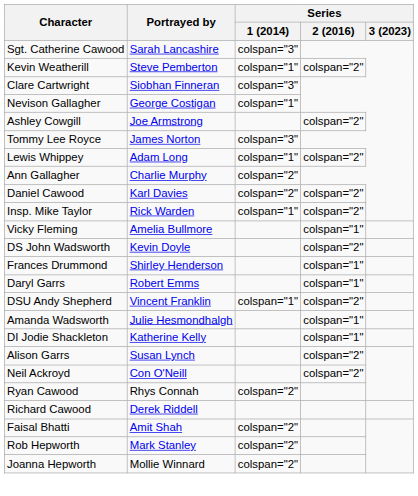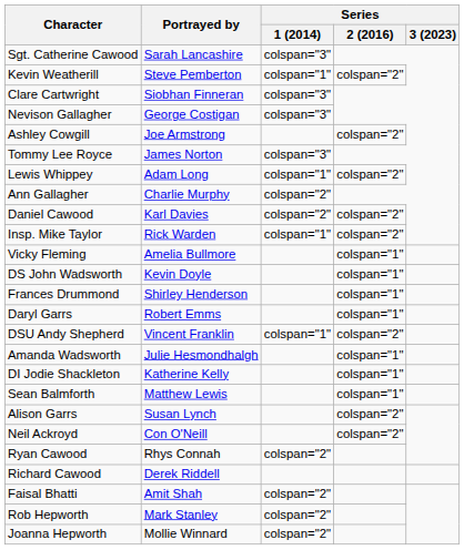 <table class="wikitable">
 <tr>
 <th rowspan="2">Character</th>
 <th rowspan="2">Portrayed by</th>
 <th colspan="3">Series</th>
 </tr>
 <tr>
 <th>1 (2014)</th>
 <th>2 (2016)</th>
 <th>3 (2023)</th>
 </tr>
 <tr>
 <td>Sgt. Catherine Cawood</td>
 <td><a href='#'>Sarah Lancashire</a></td>
 <td>colspan="3" </td>
 </tr>
 <tr>
 <td>Kevin Weatherill</td>
 <td><a href='#'>Steve Pemberton</a></td>
 <td>colspan="1" </td>
 <td>colspan="2" </td>
 </tr>
 <tr>
 <td>Clare Cartwright</td>
 <td><a href='#'>Siobhan Finneran</a></td>
 <td>colspan="3" </td>
 </tr>
 <tr>
 <td>Nevison Gallagher</td>
 <td><a href='#'>George Costigan</a></td>
-<td>colspan="1" </td>
+<td>colspan="3" </td>
 </tr>
 <tr>
 <td>Ashley Cowgill</td>
 <td><a href='#'>Joe Armstrong</a></td>
 <td></td>
 <td>colspan="2" </td>
 </tr>
 <tr>
 <td>Tommy Lee Royce</td>
 <td><a href='#'>James Norton</a></td>
 <td>colspan="3" </td>
 </tr>
 <tr>
 <td>Lewis Whippey</td>
 <td><a href='#'>Adam Long</a></td>
 <td>colspan="1" </td>
 <td>colspan="2" </td>
 </tr>
 <tr>
 <td>Ann Gallagher</td>
 <td><a href='#'>Charlie Murphy</a></td>
 <td>colspan="2" </td>
 </tr>
 <tr>
 <td>Daniel Cawood</td>
 <td><a href='#'>Karl Davies</a></td>
 <td>colspan="2" </td>
 <td>colspan="2" </td>
 </tr>
 <tr>
 <td>Insp. Mike Taylor</td>
 <td><a href='#'>Rick Warden</a></td>
 <td>colspan="1" </td>
 <td>colspan="2" </td>
 </tr>
 <tr>
 <td>Vicky Fleming</td>
 <td><a href='#'>Amelia Bullmore</a></td>
 <td></td>
 <td>colspan="1" </td>
 <td></td>
 </tr>
 <tr>
 <td>DS John Wadsworth</td>
 <td><a href='#'>Kevin Doyle</a></td>
 <td></td>
-<td>colspan="2" </td>
+<td>colspan="1" </td>
 <td></td>
 </tr>
 <tr>
 <td>Frances Drummond</td>
 <td><a href='#'>Shirley Henderson</a></td>
 <td></td>
 <td>colspan="1" </td>
 <td></td>
 </tr>
 <tr>
 <td>Daryl Garrs</td>
 <td><a href='#'>Robert Emms</a></td>
 <td></td>
 <td>colspan="1" </td>
 <td></td>
 </tr>
 <tr>
 <td>DSU Andy Shepherd</td>
 <td><a href='#'>Vincent Franklin</a></td>
 <td>colspan="1" </td>
 <td>colspan="2" </td>
 </tr>
 <tr>
 <td>Amanda Wadsworth</td>
 <td><a href='#'>Julie Hesmondhalgh</a></td>
 <td></td>
 <td>colspan="1" </td>
 <td></td>
 </tr>
 <tr>
 <td>DI Jodie Shackleton</td>
 <td><a href='#'>Katherine Kelly</a></td>
+<td></td>
+<td>colspan="1" </td>
+<td></td>
+</tr>
+<tr>
+<td>Sean Balmforth</td>
+<td><a href='#'>Matthew Lewis</a></td>
 <td></td>
 <td>colspan="1" </td>
 <td></td>
 </tr>
 <tr>
 <td>Alison Garrs</td>
 <td><a href='#'>Susan Lynch</a></td>
 <td></td>
 <td>colspan="2" </td>
 </tr>
 <tr>
 <td>Neil Ackroyd</td>
 <td><a href='#'>Con O'Neill</a></td>
 <td></td>
 <td>colspan="2" </td>
 </tr>
 <tr>
 <td>Ryan Cawood</td>
 <td>Rhys Connah</td>
 <td>colspan="2" </td>
 <td></td>
 </tr>
 <tr>
 <td>Richard Cawood</td>
 <td><a href='#'>Derek Riddell</a></td>
 <td></td>
 <td></td>
 <td></td>
 </tr>
 <tr>
 <td>Faisal Bhatti</td>
 <td><a href='#'>Amit Shah</a></td>
 <td>colspan="2" </td>
 <td></td>
 </tr>
 <tr>
 <td>Rob Hepworth</td>
 <td><a href='#'>Mark Stanley</a></td>
 <td>colspan="2" </td>
 <td></td>
 </tr>
 <tr>
 <td>Joanna Hepworth</td>
 <td>Mollie Winnard</td>
 <td>colspan="2" </td>
 <td></td>
 </tr>
 </table>
